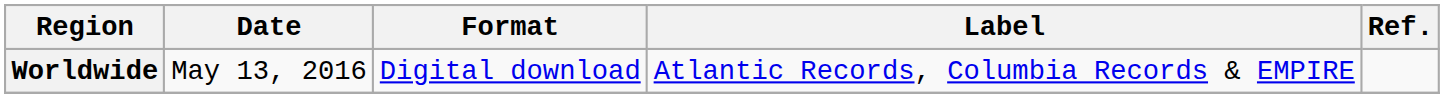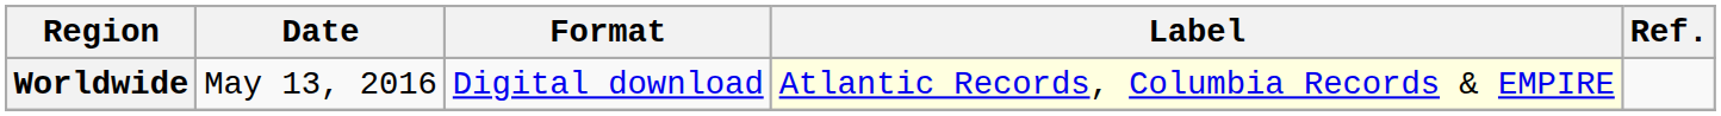 <table class="wikitable plainrowheaders">
 <tr>
 <th>Region</th>
 <th>Date</th>
 <th>Format</th>
 <th>Label</th>
 <th>Ref.</th>
 </tr>
 <tr>
 <th scope="row">Worldwide</th>
 <td>May 13, 2016</td>
 <td><a href='#'>Digital download</a></td>
-<td rowspan="1"><a href='#'>Atlantic Records</a>, <a href='#'>Columbia Records</a> & <a href='#'>EMPIRE</a></td>
+<td rowspan="1" style="background: lightyellow;"><a href='#'>Atlantic Records</a>, <a href='#'>Columbia Records</a> & <a href='#'>EMPIRE</a></td>
 <td><br></td>
 </tr>
 <tr>
 </tr>
 </table>
